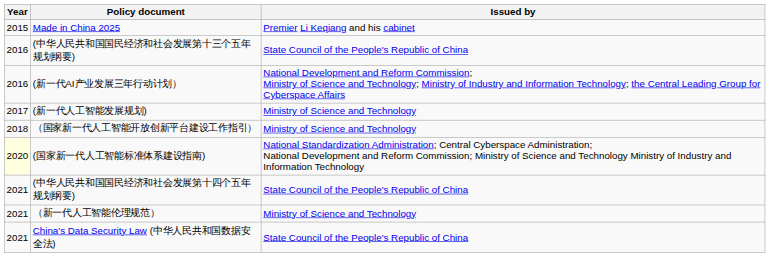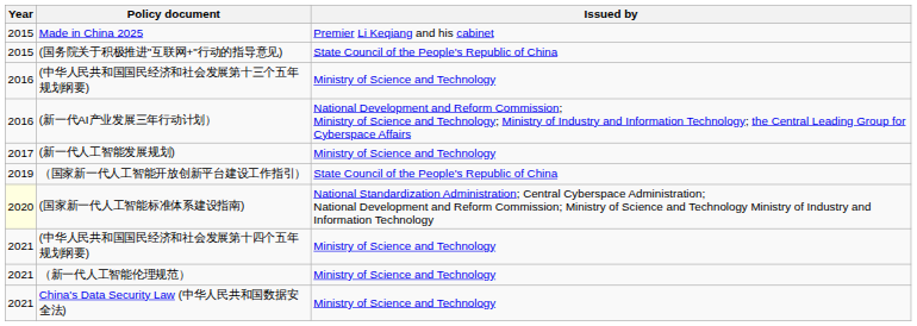 <table class="wikitable">
 <tr>
 <th>Year</th>
 <th>Policy document</th>
 <th>Issued by</th>
 </tr>
 <tr>
 <td>2015</td>
 <td><a href='#'>Made in China 2025</a></td>
 <td><a href='#'>Premier</a> <a href='#'>Li Keqiang</a> and his <a href='#'>cabinet</a></td>
 </tr>
 <tr>
+<td>2015</td>
+<td> (国务院关于积极推进"互联网+"行动的指导意见)</td>
+<td><a href='#'>State Council of the People's Republic of China</a></td>
+</tr>
+<tr>
 <td>2016</td>
 <td> (中华人民共和国国民经济和社会发展第十三个五年规划纲要)</td>
-<td><a href='#'>State Council of the People's Republic of China</a></td>
+<td><a href='#'>Ministry of Science and Technology</a></td>
 </tr>
 <tr>
 <td>2016</td>
 <td> (新一代AI产业发展三年行动计划）</td>
 <td><a href='#'>National Development and Reform Commission</a>;<br><a href='#'>Ministry of Science and Technology</a>; <a href='#'>Ministry of Industry and Information Technology</a>; <a href='#'>the Central Leading Group for Cyberspace Affairs</a></td>
 </tr>
 <tr>
 <td>2017</td>
 <td> (新一代人工智能发展规划)</td>
 <td><a href='#'>Ministry of Science and Technology</a></td>
 </tr>
 <tr>
-<td>2018</td>
+<td>2019</td>
 <td> （国家新一代人工智能开放创新平台建设工作指引）</td>
-<td><a href='#'>Ministry of Science and Technology</a></td>
+<td><a href='#'>State Council of the People's Republic of China</a></td>
 </tr>
 <tr>
 <td style="background: lightyellow;">2020</td>
 <td> (国家新一代人工智能标准体系建设指南)</td>
 <td><a href='#'>National Standardization Administration</a>; Central Cyberspace Administration;<br>National Development and Reform Commission; Ministry of Science and Technology Ministry of Industry and Information Technology</td>
 </tr>
 <tr>
 <td>2021</td>
 <td> (中华人民共和国国民经济和社会发展第十四个五年规划纲要)</td>
-<td><a href='#'>State Council of the People's Republic of China</a></td>
+<td><a href='#'>Ministry of Science and Technology</a></td>
 </tr>
 <tr>
 <td>2021</td>
 <td> （新一代人工智能伦理规范）</td>
 <td><a href='#'>Ministry of Science and Technology</a></td>
 </tr>
 <tr>
 <td>2021</td>
 <td><a href='#'>China's Data Security Law</a> (中华人民共和国数据安全法)</td>
-<td><a href='#'>State Council of the People's Republic of China</a></td>
+<td><a href='#'>Ministry of Science and Technology</a></td>
 </tr>
 </table>
